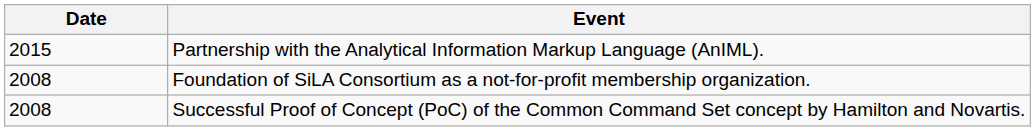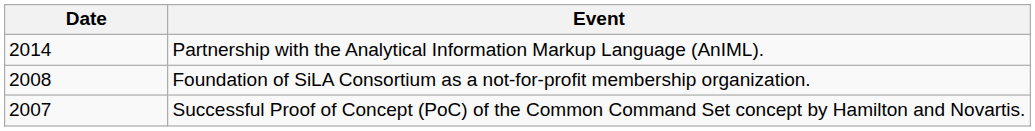 <table class="wikitable">
 <tr>
 <th width="130">Date</th>
 <th>Event</th>
 </tr>
 <tr>
-<td>2015</td>
+<td>2014</td>
 <td>Partnership with the Analytical Information Markup Language (AnIML).</td>
 </tr>
 <tr>
 <td>2008</td>
 <td>Foundation of SiLA Consortium as a not-for-profit membership organization.</td>
 </tr>
 <tr>
-<td>2008</td>
+<td>2007</td>
 <td>Successful Proof of Concept (PoC) of the Common Command Set concept by Hamilton and Novartis.</td>
 </tr>
 </table>
